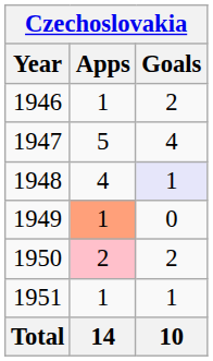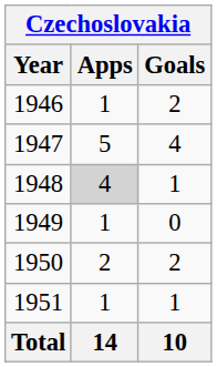 <table class="wikitable" style="text-align:center">
 <tr>
 <th colspan="3"><a href='#'>Czechoslovakia</a></th>
 </tr>
 <tr>
 <th>Year</th>
 <th>Apps</th>
 <th>Goals</th>
 </tr>
 <tr>
 <td>1946</td>
 <td>1</td>
 <td>2</td>
 </tr>
 <tr>
 <td>1947</td>
 <td>5</td>
 <td>4</td>
 </tr>
 <tr>
 <td>1948</td>
-<td>4</td>
-<td style="background: lavender;">1</td>
+<td style="background: lightgrey;">4</td>
+<td>1</td>
 </tr>
 <tr>
 <td>1949</td>
-<td style="background: lightsalmon;">1</td>
+<td>1</td>
 <td>0</td>
 </tr>
 <tr>
 <td>1950</td>
-<td style="background: pink;">2</td>
+<td>2</td>
 <td>2</td>
 </tr>
 <tr>
 <td>1951</td>
 <td>1</td>
 <td>1</td>
 </tr>
 <tr>
 <th>Total</th>
 <th>14</th>
 <th>10</th>
 </tr>
 </table>
